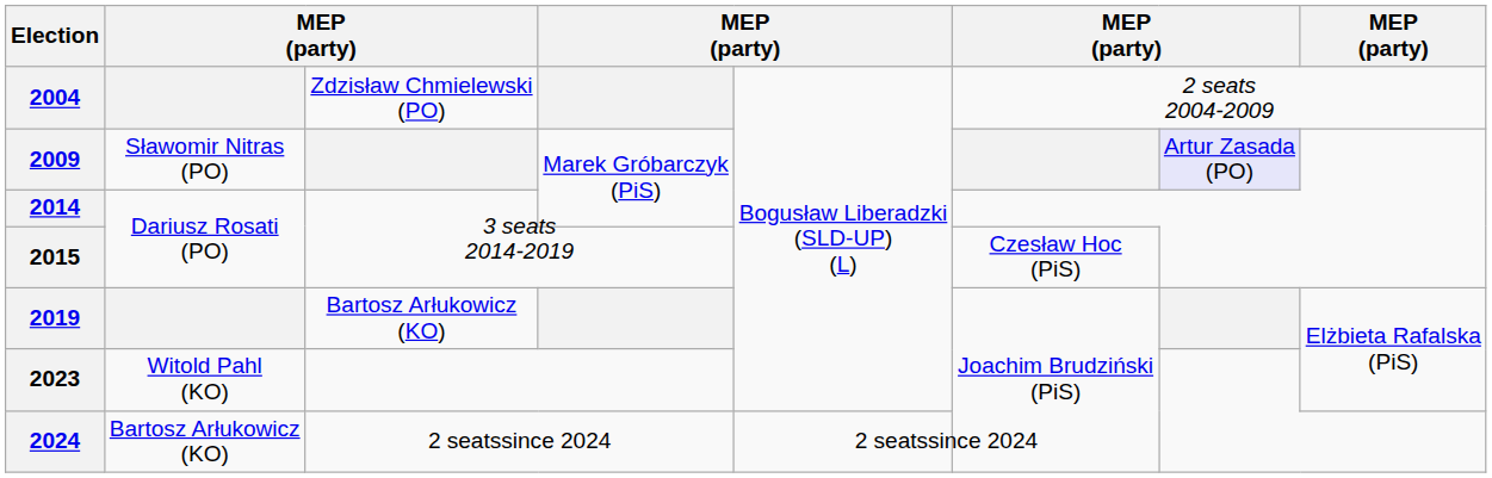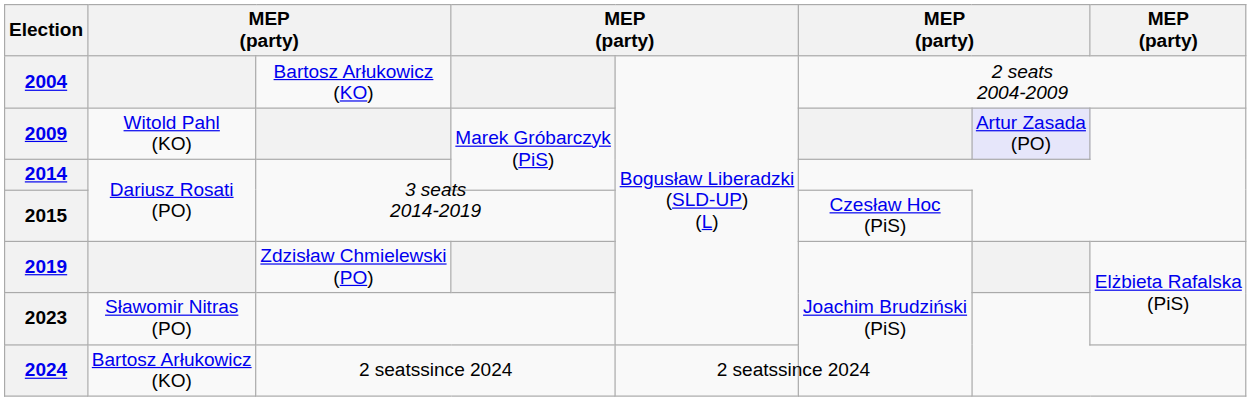 <table class= "wikitable" style= "text-align:center">
 <tr>
 <th>Election</th>
 <th colspan=2>MEP<br>(party)</th>
 <th colspan=2>MEP<br>(party)</th>
 <th colspan=2>MEP<br>(party)</th>
 <th colspan=2>MEP<br>(party)</th>
 </tr>
 <tr>
 <th><a href='#'>2004</a></th>
 <th style="background-color: "></th>
-<td rowspan=1><a href='#'>Zdzisław Chmielewski</a><br>(<a href='#'>PO</a>)</td>
+<td rowspan=1><a href='#'>Bartosz Arłukowicz</a><br>(<a href='#'>KO</a>)</td>
 <th style="background-color: "></th>
 <td rowspan=6><a href='#'>Bogusław Liberadzki</a><br>(<a href='#'>SLD-UP</a>)<br>(<a href='#'>L</a>)</td>
 <td colspan=4 rowspan=1><em>2 seats<br>2004-2009</em></td>
 </tr>
 <tr>
 <th><a href='#'>2009</a></th>
-<td rowspan=1><a href='#'>Sławomir Nitras</a><br>(PO)</td>
+<td rowspan=1><a href='#'>Witold Pahl</a><br>(KO)</td>
 <th style="background-color: "></th>
 <td rowspan=2><a href='#'>Marek Gróbarczyk</a><br>(<a href='#'>PiS</a>)</td>
 <th style="background-color: "></th>
 <td rowspan=1 style="background: lavender;"><a href='#'>Artur Zasada</a><br>(PO)</td>
 </tr>
 <tr>
 <th><a href='#'>2014</a></th>
 <td rowspan=2><a href='#'>Dariusz Rosati</a><br>(PO)</td>
 <td colspan=2 rowspan=2><em>3 seats<br>2014-2019</td>
 </tr>
 <tr>
 <th>2015</th>
 <td rowspan=1><a href='#'>Czesław Hoc</a><br>(PiS)</td>
 </tr>
 <tr>
 <th><a href='#'>2019</a></th>
 <th style="background-color: "></th>
-<td rowspan=1><a href='#'>Bartosz Arłukowicz</a><br>(<a href='#'>KO</a>)</td>
+<td rowspan=1><a href='#'>Zdzisław Chmielewski</a><br>(<a href='#'>PO</a>)</td>
 <th style="background-color: "></th>
 <td rowspan=3><a href='#'>Joachim Brudziński</a><br>(PiS)</td>
 <th style="background-color: "></th>
 <td rowspan=2><a href='#'>Elżbieta Rafalska</a><br>(PiS)</td>
 </tr>
 <tr>
 <th>2023</th>
-<td rowspan=1><a href='#'>Witold Pahl</a><br>(KO)</td>
+<td rowspan=1><a href='#'>Sławomir Nitras</a><br>(PO)</td>
 </tr>
 <tr>
 <th><a href='#'>2024</a></th>
 <td><a href='#'>Bartosz Arłukowicz</a><br>(KO)</td>
 <td colspan=2></em>2 seatssince 2024<em></td>
 <td colspan=2></em>2 seatssince 2024<em></td>
 </tr>
 </table>
